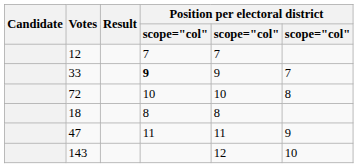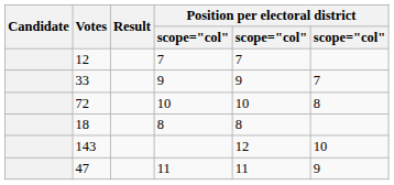 <table class="wikitable sortable defaultright col3left">
 <tr>
 <th scope="col" rowspan="2">Candidate</th>
 <th scope="col" rowspan="2">Votes</th>
 <th scope="col" rowspan="2">Result</th>
 <th scope="col" colspan="3">Position per electoral district</th>
 </tr>
 <tr>
 <th>scope="col" </th>
 <th>scope="col" </th>
 <th>scope="col" </th>
 </tr>
 <tr>
 <th scope="row"></th>
 <td>12</td>
 <td></td>
 <td>7</td>
 <td>7</td>
 <td></td>
 </tr>
 <tr>
 <th scope="row"></th>
 <td>33</td>
 <td></td>
-<td><strong>9</strong></td>
+<td>9</td>
 <td>9</td>
 <td>7</td>
 </tr>
 <tr>
 <th scope="row"></th>
 <td>72</td>
 <td></td>
 <td>10</td>
 <td>10</td>
 <td>8</td>
 </tr>
 <tr>
 <th scope="row"></th>
 <td>18</td>
 <td></td>
 <td>8</td>
 <td>8</td>
 <td></td>
 </tr>
 <tr>
 <th scope="row"></th>
+<td>143</td>
+<td></td>
+<td></td>
+<td>12</td>
+<td>10</td>
+</tr>
+<tr>
+<th scope="row"></th>
 <td>47</td>
 <td></td>
 <td>11</td>
 <td>11</td>
 <td>9</td>
 </tr>
-<tr>
-<th scope="row"></th>
-<td>143</td>
-<td></td>
-<td></td>
-<td>12</td>
-<td>10</td>
-</tr>
 </table>
